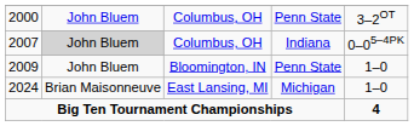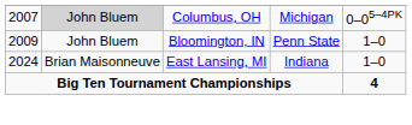 <table class = wikitable>
 <tr style="text-align:center">
-</tr>
-<tr align="center">
-<td>2000</td>
-<td><a href='#'>John Bluem</a></td>
-<td><a href='#'>Columbus, OH</a></td>
-<td><a href='#'>Penn State</a></td>
-<td>3–2<sup>OT</sup></td>
 </tr>
 <tr align="center">
 <td>2007</td>
 <td style="background: lightgrey;">John Bluem</td>
 <td><a href='#'>Columbus, OH</a></td>
-<td><a href='#'>Indiana</a></td>
+<td><a href='#'>Michigan</a></td>
 <td>0–0<sup>5–4PK</sup></td>
 </tr>
 <tr align="center">
 <td>2009</td>
 <td>John Bluem</td>
 <td><a href='#'>Bloomington, IN</a></td>
 <td><a href='#'>Penn State</a></td>
 <td>1–0</td>
 </tr>
 <tr align="center">
 <td>2024</td>
 <td>Brian Maisonneuve</td>
 <td><a href='#'>East Lansing, MI</a></td>
-<td><a href='#'>Michigan</a></td>
+<td><a href='#'>Indiana</a></td>
 <td>1–0</td>
 </tr>
 <tr align="center">
 <td colspan=4><strong>Big Ten Tournament Championships</strong></td>
 <td><strong>4</strong></td>
 </tr>
 </table>
